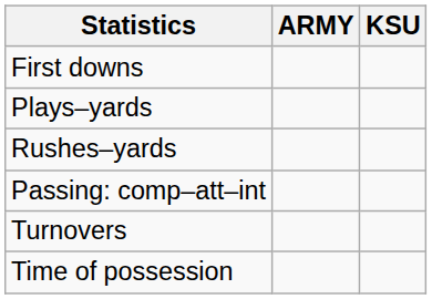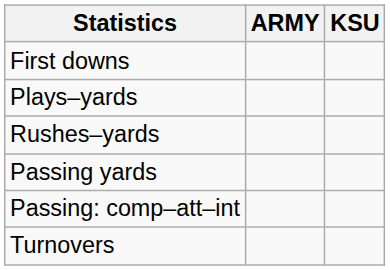 <table class="wikitable" style="float:left">
 <tr>
 <th>Statistics</th>
 <th>ARMY</th>
 <th>KSU</th>
 </tr>
 <tr>
 <td>First downs</td>
 <td></td>
 <td></td>
 </tr>
 <tr>
 <td>Plays–yards</td>
 <td></td>
 <td></td>
 </tr>
 <tr>
 <td>Rushes–yards</td>
 <td></td>
 <td></td>
 </tr>
 <tr>
+<td>Passing yards</td>
+<td></td>
+<td></td>
+</tr>
+<tr>
 <td>Passing: comp–att–int</td>
 <td></td>
 <td></td>
 </tr>
 <tr>
 <td>Turnovers</td>
 <td></td>
 <td></td>
 </tr>
-<tr>
-<td>Time of possession</td>
-<td></td>
-<td></td>
-</tr>
 </table>
